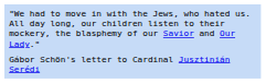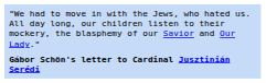 <table class="toccolours" style="float: left; margin-left: 0em; margin-right: 1em; font-size: 85%; background:#c6dbf7; color:black; width:30em; max-width: 40%;" cellspacing="5">
 <tr>
 <td style="text-align: left;">"We had to move in with the Jews, who hated us. All day long, our children listen to their mockery, the blasphemy of our <a href='#'>Savior</a> and <a href='#'>Our Lady</a>."</td>
 </tr>
 <tr>
-<td style="text-align: left;">Gábor Schön's letter to Cardinal <a href='#'>Jusztinián Serédi</a></td>
+<td style="text-align: left;"><strong>Gábor Schön's letter to Cardinal <a href='#'>Jusztinián Serédi</a></strong></td>
 </tr>
 </table>
